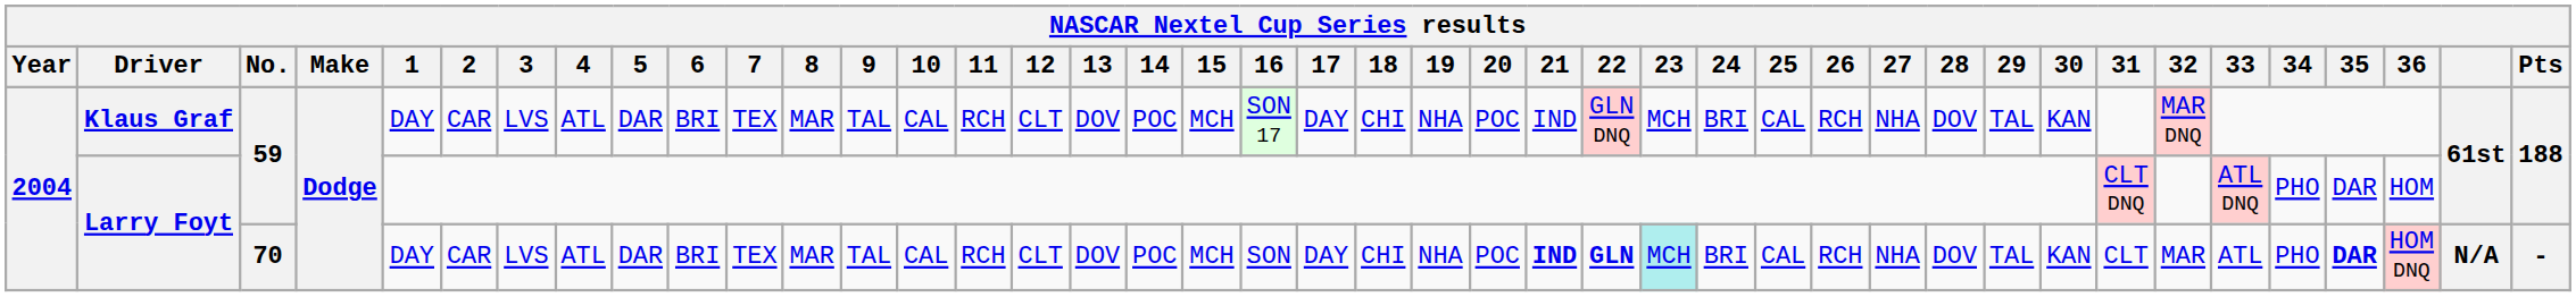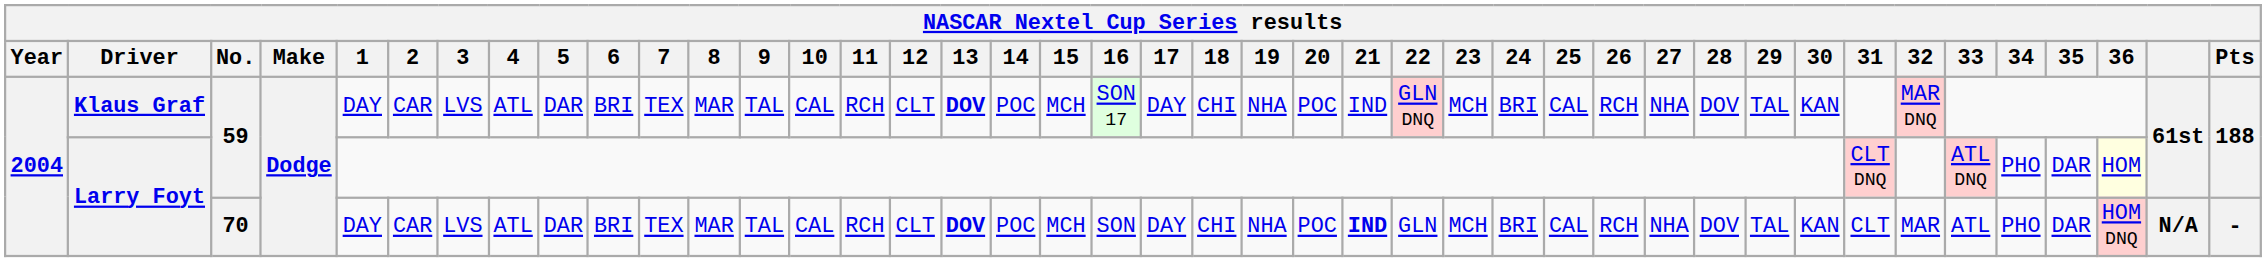 <table class="wikitable" style="text-align:center; font-size:75%">
 <tr>
 <th colspan=45><a href='#'>NASCAR Nextel Cup Series</a> results</th>
 </tr>
 <tr>
 <th>Year</th>
 <th>Driver</th>
 <th>No.</th>
 <th>Make</th>
 <th>1</th>
 <th>2</th>
 <th>3</th>
 <th>4</th>
 <th>5</th>
 <th>6</th>
 <th>7</th>
 <th>8</th>
 <th>9</th>
 <th>10</th>
 <th>11</th>
 <th>12</th>
 <th>13</th>
 <th>14</th>
 <th>15</th>
 <th>16</th>
 <th>17</th>
 <th>18</th>
 <th>19</th>
 <th>20</th>
 <th>21</th>
 <th>22</th>
 <th>23</th>
 <th>24</th>
 <th>25</th>
 <th>26</th>
 <th>27</th>
 <th>28</th>
 <th>29</th>
 <th>30</th>
 <th>31</th>
 <th>32</th>
 <th>33</th>
 <th>34</th>
 <th>35</th>
 <th>36</th>
 <th></th>
 <th>Pts</th>
 </tr>
 <tr>
 <th rowspan=3><a href='#'>2004</a></th>
 <th nowrap><a href='#'>Klaus Graf</a></th>
 <th rowspan=2>59</th>
 <th rowspan=3><a href='#'>Dodge</a></th>
 <td><a href='#'>DAY</a></td>
 <td><a href='#'>CAR</a></td>
 <td><a href='#'>LVS</a></td>
 <td><a href='#'>ATL</a></td>
 <td><a href='#'>DAR</a></td>
 <td><a href='#'>BRI</a></td>
 <td><a href='#'>TEX</a></td>
 <td><a href='#'>MAR</a></td>
 <td><a href='#'>TAL</a></td>
 <td><a href='#'>CAL</a></td>
 <td><a href='#'>RCH</a></td>
 <td><a href='#'>CLT</a></td>
-<td><a href='#'>DOV</a></td>
+<td><strong><a href='#'>DOV</a></strong></td>
 <td><a href='#'>POC</a></td>
 <td><a href='#'>MCH</a></td>
 <td style="background:#DFFFDF;"><a href='#'>SON</a><br><small>17</small></td>
 <td><a href='#'>DAY</a></td>
 <td><a href='#'>CHI</a></td>
 <td><a href='#'>NHA</a></td>
 <td><a href='#'>POC</a></td>
 <td><a href='#'>IND</a></td>
 <td style="background:#FFCFCF;"><a href='#'>GLN</a><br><small>DNQ</small></td>
 <td><a href='#'>MCH</a></td>
 <td><a href='#'>BRI</a></td>
 <td><a href='#'>CAL</a></td>
 <td><a href='#'>RCH</a></td>
 <td><a href='#'>NHA</a></td>
 <td><a href='#'>DOV</a></td>
 <td><a href='#'>TAL</a></td>
 <td><a href='#'>KAN</a></td>
 <td colspan=1></td>
 <td style="background:#FFCFCF;"><a href='#'>MAR</a><br><small>DNQ</small></td>
 <td colspan=4></td>
 <th rowspan=2>61st</th>
 <th rowspan=2>188</th>
 </tr>
 <tr>
 <th rowspan=2><a href='#'>Larry Foyt</a></th>
 <td colspan=30></td>
 <td style="background:#FFCFCF;"><a href='#'>CLT</a><br><small>DNQ</small></td>
 <td colspan=1></td>
 <td style="background:#FFCFCF;"><a href='#'>ATL</a><br><small>DNQ</small></td>
 <td><a href='#'>PHO</a></td>
 <td><a href='#'>DAR</a></td>
-<td><a href='#'>HOM</a></td>
+<td style="background: lightyellow;"><a href='#'>HOM</a></td>
 </tr>
 <tr>
 <th>70</th>
 <td><a href='#'>DAY</a></td>
 <td><a href='#'>CAR</a></td>
 <td><a href='#'>LVS</a></td>
 <td><a href='#'>ATL</a></td>
 <td><a href='#'>DAR</a></td>
 <td><a href='#'>BRI</a></td>
 <td><a href='#'>TEX</a></td>
 <td><a href='#'>MAR</a></td>
 <td><a href='#'>TAL</a></td>
 <td><a href='#'>CAL</a></td>
 <td><a href='#'>RCH</a></td>
 <td><a href='#'>CLT</a></td>
-<td><a href='#'>DOV</a></td>
+<td><strong><a href='#'>DOV</a></strong></td>
 <td><a href='#'>POC</a></td>
 <td><a href='#'>MCH</a></td>
 <td><a href='#'>SON</a></td>
 <td><a href='#'>DAY</a></td>
 <td><a href='#'>CHI</a></td>
 <td><a href='#'>NHA</a></td>
 <td><a href='#'>POC</a></td>
 <td><strong><a href='#'>IND</a></strong></td>
-<td><strong><a href='#'>GLN</a></strong></td>
-<td style="background: paleturquoise;"><a href='#'>MCH</a></td>
+<td><a href='#'>GLN</a></td>
+<td><a href='#'>MCH</a></td>
 <td><a href='#'>BRI</a></td>
 <td><a href='#'>CAL</a></td>
 <td><a href='#'>RCH</a></td>
 <td><a href='#'>NHA</a></td>
 <td><a href='#'>DOV</a></td>
 <td><a href='#'>TAL</a></td>
 <td><a href='#'>KAN</a></td>
 <td><a href='#'>CLT</a></td>
 <td><a href='#'>MAR</a></td>
 <td><a href='#'>ATL</a></td>
 <td><a href='#'>PHO</a></td>
-<td><strong><a href='#'>DAR</a></strong></td>
+<td><a href='#'>DAR</a></td>
 <td style="background:#FFCFCF;"><a href='#'>HOM</a><br><small>DNQ</small></td>
 <th>N/A</th>
 <th>-</th>
 </tr>
 </table>
